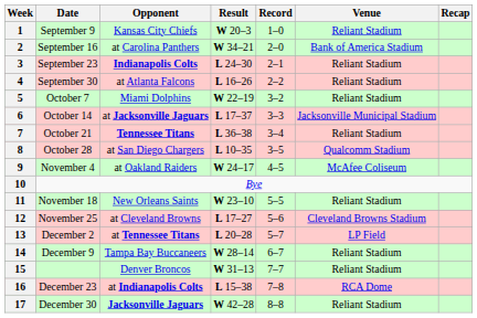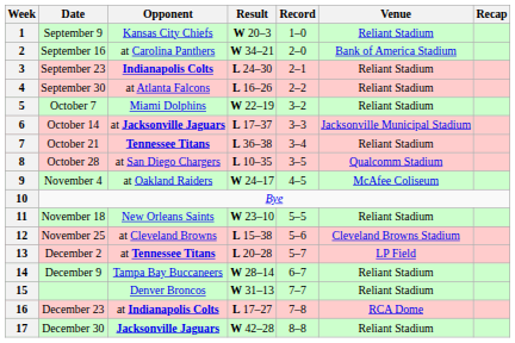 <table class="wikitable" style="text-align:center">
 <tr>
 <th>Week</th>
 <th>Date</th>
 <th>Opponent</th>
 <th>Result</th>
 <th>Record</th>
 <th>Venue</th>
 <th>Recap</th>
 </tr>
 <tr style="background:#cfc">
 <th>1</th>
 <td>September 9</td>
 <td><a href='#'>Kansas City Chiefs</a></td>
 <td><strong>W</strong> 20–3</td>
 <td>1–0</td>
 <td><a href='#'>Reliant Stadium</a></td>
 <td></td>
 </tr>
 <tr style="background:#cfc">
 <th>2</th>
 <td>September 16</td>
 <td>at <a href='#'>Carolina Panthers</a></td>
 <td><strong>W</strong> 34–21</td>
 <td>2–0</td>
 <td><a href='#'>Bank of America Stadium</a></td>
 <td></td>
 </tr>
 <tr style="background:#fcc">
 <th>3</th>
 <td>September 23</td>
 <td><strong><a href='#'>Indianapolis Colts</a></strong></td>
 <td><strong>L</strong> 24–30</td>
 <td>2–1</td>
 <td>Reliant Stadium</td>
 <td></td>
 </tr>
 <tr style="background:#fcc">
 <th>4</th>
 <td>September 30</td>
 <td>at <a href='#'>Atlanta Falcons</a></td>
 <td><strong>L</strong> 16–26</td>
 <td>2–2</td>
 <td>Reliant Stadium</td>
 <td></td>
 </tr>
 <tr style="background:#cfc">
 <th>5</th>
 <td>October 7</td>
 <td><a href='#'>Miami Dolphins</a></td>
 <td><strong>W</strong> 22–19</td>
 <td>3–2</td>
 <td>Reliant Stadium</td>
 <td></td>
 </tr>
 <tr style="background:#fcc">
 <th>6</th>
 <td>October 14</td>
 <td>at <strong><a href='#'>Jacksonville Jaguars</a></strong></td>
 <td><strong>L</strong> 17–37</td>
 <td>3–3</td>
 <td><a href='#'>Jacksonville Municipal Stadium</a></td>
 <td></td>
 </tr>
 <tr style="background:#fcc">
 <th>7</th>
 <td>October 21</td>
 <td><strong><a href='#'>Tennessee Titans</a></strong></td>
 <td><strong>L</strong> 36–38</td>
 <td>3–4</td>
 <td>Reliant Stadium</td>
 <td></td>
 </tr>
 <tr style="background:#fcc">
 <th>8</th>
 <td>October 28</td>
 <td>at <a href='#'>San Diego Chargers</a></td>
 <td><strong>L</strong> 10–35</td>
 <td>3–5</td>
 <td><a href='#'>Qualcomm Stadium</a></td>
 <td></td>
 </tr>
 <tr style="background:#cfc">
 <th>9</th>
 <td>November 4</td>
 <td>at <a href='#'>Oakland Raiders</a></td>
 <td><strong>W</strong> 24–17</td>
 <td>4–5</td>
 <td><a href='#'>McAfee Coliseum</a></td>
 <td></td>
 </tr>
 <tr>
 <th>10</th>
 <td colspan="6"><em><a href='#'>Bye</a></em></td>
 </tr>
 <tr style="background:#cfc">
 <th>11</th>
 <td>November 18</td>
 <td><a href='#'>New Orleans Saints</a></td>
 <td><strong>W</strong> 23–10</td>
 <td>5–5</td>
 <td>Reliant Stadium</td>
 <td></td>
 </tr>
 <tr style="background:#fcc">
 <th>12</th>
 <td>November 25</td>
 <td>at <a href='#'>Cleveland Browns</a></td>
-<td><strong>L</strong> 17–27</td>
+<td><strong>L</strong> 15–38</td>
 <td>5–6</td>
 <td><a href='#'>Cleveland Browns Stadium</a></td>
 <td></td>
 </tr>
 <tr style="background:#fcc">
 <th>13</th>
 <td>December 2</td>
 <td>at <strong><a href='#'>Tennessee Titans</a></strong></td>
 <td><strong>L</strong> 20–28</td>
 <td>5–7</td>
 <td><a href='#'>LP Field</a></td>
 <td></td>
 </tr>
 <tr style="background:#cfc">
 <th>14</th>
 <td>December 9</td>
 <td><a href='#'>Tampa Bay Buccaneers</a></td>
 <td><strong>W</strong> 28–14</td>
 <td>6–7</td>
 <td>Reliant Stadium</td>
 <td></td>
 </tr>
 <tr style="background:#cfc">
 <th>15</th>
 <td></td>
 <td><a href='#'>Denver Broncos</a></td>
 <td><strong>W</strong> 31–13</td>
 <td>7–7</td>
 <td>Reliant Stadium</td>
 <td></td>
 </tr>
 <tr style="background:#fcc">
 <th>16</th>
 <td>December 23</td>
 <td>at <strong><a href='#'>Indianapolis Colts</a></strong></td>
-<td><strong>L</strong> 15–38</td>
+<td><strong>L</strong> 17–27</td>
 <td>7–8</td>
 <td><a href='#'>RCA Dome</a></td>
 <td></td>
 </tr>
 <tr style="background:#cfc">
 <th>17</th>
 <td>December 30</td>
 <td><strong><a href='#'>Jacksonville Jaguars</a></strong></td>
 <td><strong>W</strong> 42–28</td>
 <td>8–8</td>
 <td>Reliant Stadium</td>
 <td></td>
 </tr>
 </table>
